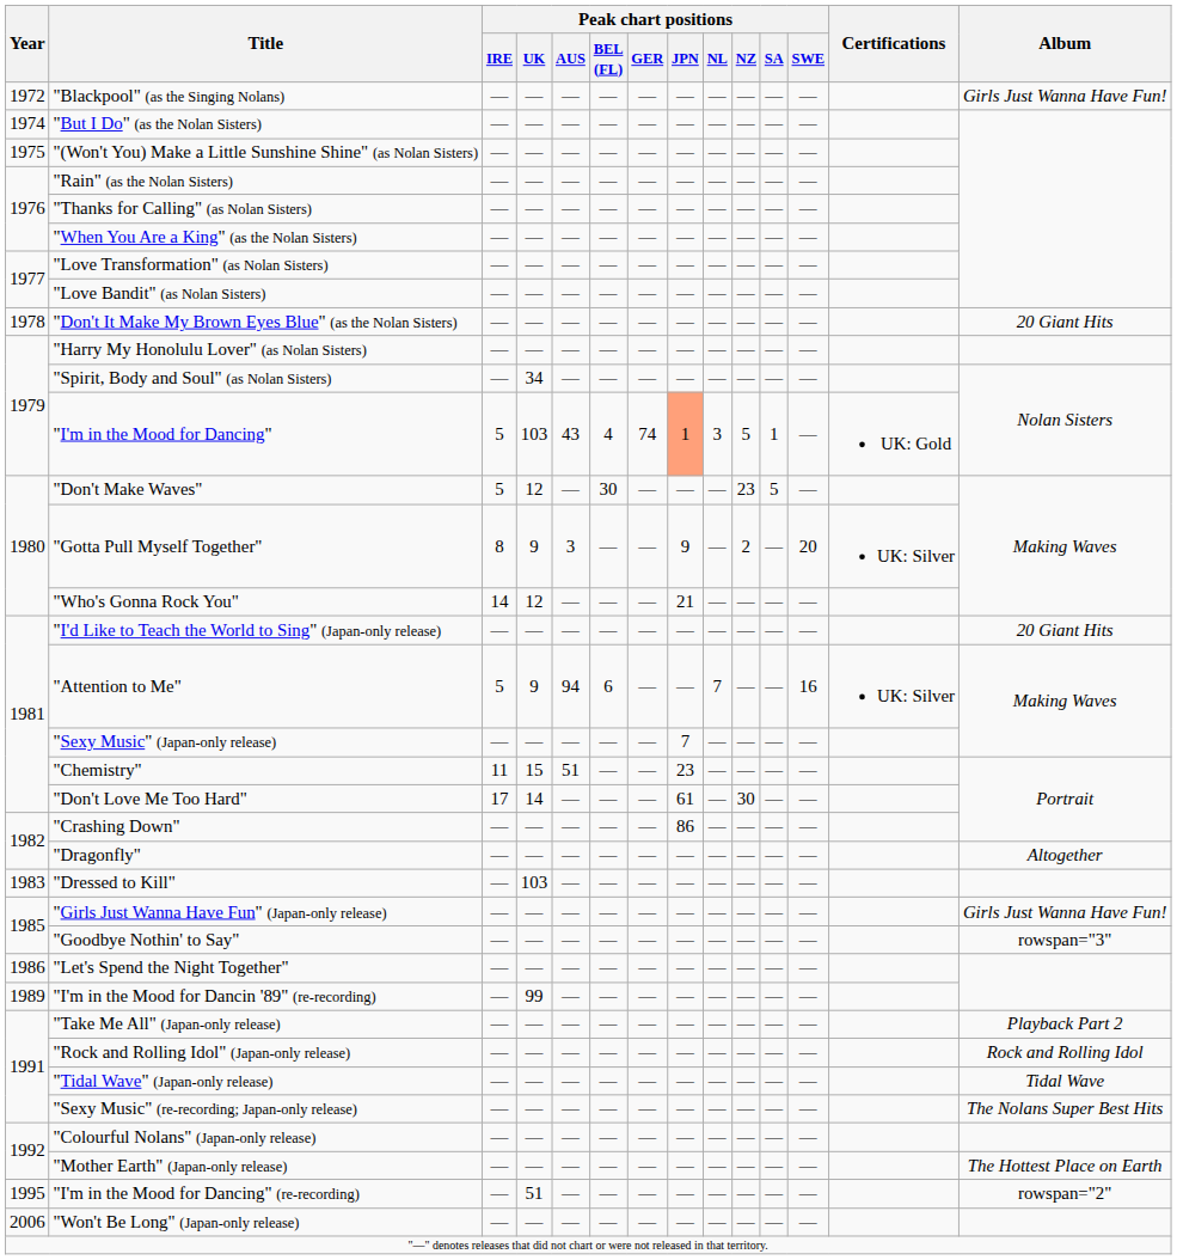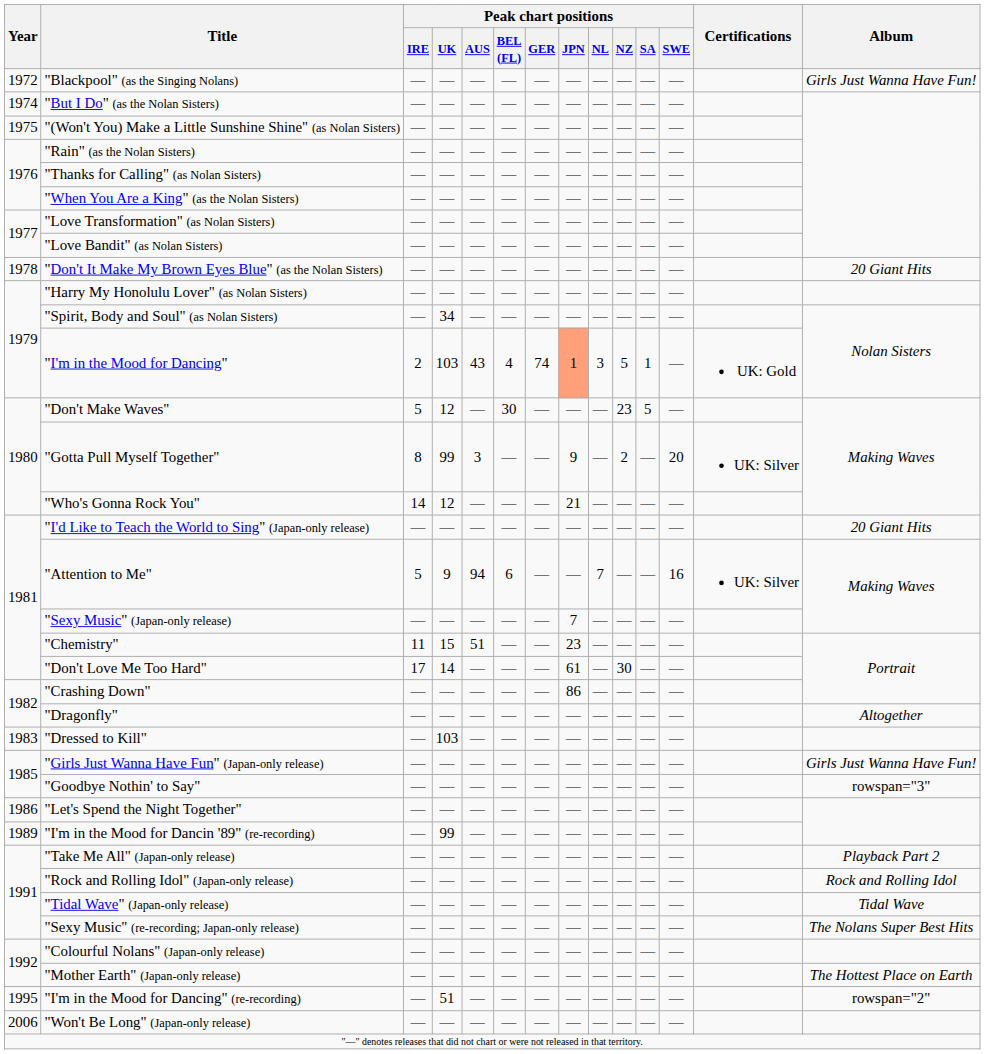 <table class="wikitable" style="text-align:center">
 <tr>
 <th scope="col" rowspan="2">Year</th>
 <th scope="col" rowspan="2">Title</th>
 <th scope="col" colspan="10">Peak chart positions</th>
 <th scope="col" rowspan="2">Certifications</th>
 <th scope="col" rowspan="2">Album</th>
 </tr>
 <tr>
 <th scope="col"><small><a href='#'>IRE</a></small><br></th>
 <th scope="col"><small><a href='#'>UK</a></small><br></th>
 <th scope="col"><small><a href='#'>AUS</a></small><br></th>
 <th scope="col"><small><a href='#'>BEL<br>(FL)</a></small><br></th>
 <th scope="col"><small><a href='#'>GER</a></small><br></th>
 <th scope="col"><small><a href='#'>JPN</a></small></th>
 <th scope="col"><small><a href='#'>NL</a></small><br></th>
 <th scope="col"><small><a href='#'>NZ</a></small><br></th>
 <th scope="col"><small><a href='#'>SA</a></small><br></th>
 <th scope="col"><small><a href='#'>SWE</a></small><br></th>
 </tr>
 <tr>
 <td>1972</td>
 <td style="text-align:left">"Blackpool" <small>(as the Singing Nolans)</small></td>
 <td>—</td>
 <td>—</td>
 <td>—</td>
 <td>—</td>
 <td>—</td>
 <td>—</td>
 <td>—</td>
 <td>—</td>
 <td>—</td>
 <td>—</td>
 <td></td>
 <td><em>Girls Just Wanna Have Fun!</em></td>
 </tr>
 <tr>
 <td>1974</td>
 <td style="text-align:left">"<a href='#'>But I Do</a>" <small>(as the Nolan Sisters)</small></td>
 <td>—</td>
 <td>—</td>
 <td>—</td>
 <td>—</td>
 <td>—</td>
 <td>—</td>
 <td>—</td>
 <td>—</td>
 <td>—</td>
 <td>—</td>
 <td></td>
 </tr>
 <tr>
 <td>1975</td>
 <td style="text-align:left">"(Won't You) Make a Little Sunshine Shine" <small>(as Nolan Sisters)</small></td>
 <td>—</td>
 <td>—</td>
 <td>—</td>
 <td>—</td>
 <td>—</td>
 <td>—</td>
 <td>—</td>
 <td>—</td>
 <td>—</td>
 <td>—</td>
 <td></td>
 </tr>
 <tr>
 <td rowspan="3">1976</td>
 <td style="text-align:left">"Rain" <small>(as the Nolan Sisters)</small></td>
 <td>—</td>
 <td>—</td>
 <td>—</td>
 <td>—</td>
 <td>—</td>
 <td>—</td>
 <td>—</td>
 <td>—</td>
 <td>—</td>
 <td>—</td>
 <td></td>
 </tr>
 <tr>
 <td style="text-align:left">"Thanks for Calling" <small>(as Nolan Sisters)</small></td>
 <td>—</td>
 <td>—</td>
 <td>—</td>
 <td>—</td>
 <td>—</td>
 <td>—</td>
 <td>—</td>
 <td>—</td>
 <td>—</td>
 <td>—</td>
 <td></td>
 </tr>
 <tr>
 <td style="text-align:left">"<a href='#'>When You Are a King</a>" <small>(as the Nolan Sisters)</small></td>
 <td>—</td>
 <td>—</td>
 <td>—</td>
 <td>—</td>
 <td>—</td>
 <td>—</td>
 <td>—</td>
 <td>—</td>
 <td>—</td>
 <td>—</td>
 <td></td>
 </tr>
 <tr>
 <td rowspan="2">1977</td>
 <td style="text-align:left">"Love Transformation" <small>(as Nolan Sisters)</small></td>
 <td>—</td>
 <td>—</td>
 <td>—</td>
 <td>—</td>
 <td>—</td>
 <td>—</td>
 <td>—</td>
 <td>—</td>
 <td>—</td>
 <td>—</td>
 <td></td>
 </tr>
 <tr>
 <td style="text-align:left">"Love Bandit" <small>(as Nolan Sisters)</small></td>
 <td>—</td>
 <td>—</td>
 <td>—</td>
 <td>—</td>
 <td>—</td>
 <td>—</td>
 <td>—</td>
 <td>—</td>
 <td>—</td>
 <td>—</td>
 <td></td>
 </tr>
 <tr>
 <td>1978</td>
 <td style="text-align:left">"<a href='#'>Don't It Make My Brown Eyes Blue</a>" <small>(as the Nolan Sisters)</small></td>
 <td>—</td>
 <td>—</td>
 <td>—</td>
 <td>—</td>
 <td>—</td>
 <td>—</td>
 <td>—</td>
 <td>—</td>
 <td>—</td>
 <td>—</td>
 <td></td>
 <td><em>20 Giant Hits</em></td>
 </tr>
 <tr>
 <td rowspan="3">1979</td>
 <td style="text-align:left">"Harry My Honolulu Lover" <small>(as Nolan Sisters)</small></td>
 <td>—</td>
 <td>—</td>
 <td>—</td>
 <td>—</td>
 <td>—</td>
 <td>—</td>
 <td>—</td>
 <td>—</td>
 <td>—</td>
 <td>—</td>
 <td></td>
 <td></td>
 </tr>
 <tr>
 <td style="text-align:left">"Spirit, Body and Soul" <small>(as Nolan Sisters)</small></td>
 <td>—</td>
 <td>34</td>
 <td>—</td>
 <td>—</td>
 <td>—</td>
 <td>—</td>
 <td>—</td>
 <td>—</td>
 <td>—</td>
 <td>—</td>
 <td></td>
 <td rowspan="2"><em>Nolan Sisters</em></td>
 </tr>
 <tr>
 <td style="text-align:left">"<a href='#'>I'm in the Mood for Dancing</a>"</td>
-<td>5</td>
+<td>2</td>
 <td>103</td>
 <td>43</td>
 <td>4</td>
 <td>74</td>
 <td style="background: lightsalmon;">1</td>
 <td>3</td>
 <td>5</td>
 <td>1</td>
 <td>—</td>
 <td><br><ul><li>UK: Gold</li></ul></td>
 </tr>
 <tr>
 <td rowspan="3">1980</td>
 <td style="text-align:left">"Don't Make Waves"</td>
 <td>5</td>
 <td>12</td>
 <td>—</td>
 <td>30</td>
 <td>—</td>
 <td>—</td>
 <td>—</td>
 <td>23</td>
 <td>5</td>
 <td>—</td>
 <td></td>
 <td rowspan="3"><em>Making Waves</em></td>
 </tr>
 <tr>
 <td style="text-align:left">"Gotta Pull Myself Together"</td>
 <td>8</td>
-<td>9</td>
+<td>99</td>
 <td>3</td>
 <td>—</td>
 <td>—</td>
 <td>9</td>
 <td>—</td>
 <td>2</td>
 <td>—</td>
 <td>20</td>
 <td><br><ul><li>UK: Silver</li></ul></td>
 </tr>
 <tr>
 <td style="text-align:left">"Who's Gonna Rock You"</td>
 <td>14</td>
 <td>12</td>
 <td>—</td>
 <td>—</td>
 <td>—</td>
 <td>21</td>
 <td>—</td>
 <td>—</td>
 <td>—</td>
 <td>—</td>
 <td></td>
 </tr>
 <tr>
 <td rowspan="5">1981</td>
 <td style="text-align:left">"<a href='#'>I'd Like to Teach the World to Sing</a>" <small>(Japan-only release)</small></td>
 <td>—</td>
 <td>—</td>
 <td>—</td>
 <td>—</td>
 <td>—</td>
 <td>—</td>
 <td>—</td>
 <td>—</td>
 <td>—</td>
 <td>—</td>
 <td></td>
 <td><em>20 Giant Hits</em></td>
 </tr>
 <tr>
 <td style="text-align:left">"Attention to Me"</td>
 <td>5</td>
 <td>9</td>
 <td>94</td>
 <td>6</td>
 <td>—</td>
 <td>—</td>
 <td>7</td>
 <td>—</td>
 <td>—</td>
 <td>16</td>
 <td><br><ul><li>UK: Silver</li></ul></td>
 <td rowspan="2"><em>Making Waves</em></td>
 </tr>
 <tr>
 <td style="text-align:left">"<a href='#'>Sexy Music</a>" <small>(Japan-only release)</small></td>
 <td>—</td>
 <td>—</td>
 <td>—</td>
 <td>—</td>
 <td>—</td>
 <td>7</td>
 <td>—</td>
 <td>—</td>
 <td>—</td>
 <td>—</td>
 <td></td>
 </tr>
 <tr>
 <td style="text-align:left">"Chemistry"</td>
 <td>11</td>
 <td>15</td>
 <td>51</td>
 <td>—</td>
 <td>—</td>
 <td>23</td>
 <td>—</td>
 <td>—</td>
 <td>—</td>
 <td>—</td>
 <td></td>
 <td rowspan="3"><em>Portrait</em></td>
 </tr>
 <tr>
 <td style="text-align:left">"Don't Love Me Too Hard"</td>
 <td>17</td>
 <td>14</td>
 <td>—</td>
 <td>—</td>
 <td>—</td>
 <td>61</td>
 <td>—</td>
 <td>30</td>
 <td>—</td>
 <td>—</td>
 <td></td>
 </tr>
 <tr>
 <td rowspan="2">1982</td>
 <td style="text-align:left">"Crashing Down"</td>
 <td>—</td>
 <td>—</td>
 <td>—</td>
 <td>—</td>
 <td>—</td>
 <td>86</td>
 <td>—</td>
 <td>—</td>
 <td>—</td>
 <td>—</td>
 <td></td>
 </tr>
 <tr>
 <td style="text-align:left">"Dragonfly"</td>
 <td>—</td>
 <td>—</td>
 <td>—</td>
 <td>—</td>
 <td>—</td>
 <td>—</td>
 <td>—</td>
 <td>—</td>
 <td>—</td>
 <td>—</td>
 <td></td>
 <td><em>Altogether</em></td>
 </tr>
 <tr>
 <td>1983</td>
 <td style="text-align:left">"Dressed to Kill"</td>
 <td>—</td>
 <td>103</td>
 <td>—</td>
 <td>—</td>
 <td>—</td>
 <td>—</td>
 <td>—</td>
 <td>—</td>
 <td>—</td>
 <td>—</td>
 <td></td>
 <td></td>
 </tr>
 <tr>
 <td rowspan="2">1985</td>
 <td style="text-align:left">"<a href='#'>Girls Just Wanna Have Fun</a>" <small>(Japan-only release)</small></td>
 <td>—</td>
 <td>—</td>
 <td>—</td>
 <td>—</td>
 <td>—</td>
 <td>—</td>
 <td>—</td>
 <td>—</td>
 <td>—</td>
 <td>—</td>
 <td></td>
 <td><em>Girls Just Wanna Have Fun!</em></td>
 </tr>
 <tr>
 <td style="text-align:left">"Goodbye Nothin' to Say"</td>
 <td>—</td>
 <td>—</td>
 <td>—</td>
 <td>—</td>
 <td>—</td>
 <td>—</td>
 <td>—</td>
 <td>—</td>
 <td>—</td>
 <td>—</td>
 <td></td>
 <td>rowspan="3" </td>
 </tr>
 <tr>
 <td>1986</td>
 <td style="text-align:left">"Let's Spend the Night Together"</td>
 <td>—</td>
 <td>—</td>
 <td>—</td>
 <td>—</td>
 <td>—</td>
 <td>—</td>
 <td>—</td>
 <td>—</td>
 <td>—</td>
 <td>—</td>
 <td></td>
 </tr>
 <tr>
 <td>1989</td>
 <td style="text-align:left">"I'm in the Mood for Dancin '89" <small>(re-recording)</small></td>
 <td>—</td>
 <td>99</td>
 <td>—</td>
 <td>—</td>
 <td>—</td>
 <td>—</td>
 <td>—</td>
 <td>—</td>
 <td>—</td>
 <td>—</td>
 <td></td>
 </tr>
 <tr>
 <td rowspan="4">1991</td>
 <td style="text-align:left">"Take Me All" <small>(Japan-only release)</small></td>
 <td>—</td>
 <td>—</td>
 <td>—</td>
 <td>—</td>
 <td>—</td>
 <td>—</td>
 <td>—</td>
 <td>—</td>
 <td>—</td>
 <td>—</td>
 <td></td>
 <td><em>Playback Part 2</em></td>
 </tr>
 <tr>
 <td style="text-align:left">"Rock and Rolling Idol" <small>(Japan-only release)</small></td>
 <td>—</td>
 <td>—</td>
 <td>—</td>
 <td>—</td>
 <td>—</td>
 <td>—</td>
 <td>—</td>
 <td>—</td>
 <td>—</td>
 <td>—</td>
 <td></td>
 <td><em>Rock and Rolling Idol</em></td>
 </tr>
 <tr>
 <td style="text-align:left">"<a href='#'>Tidal Wave</a>" <small>(Japan-only release)</small></td>
 <td>—</td>
 <td>—</td>
 <td>—</td>
 <td>—</td>
 <td>—</td>
 <td>—</td>
 <td>—</td>
 <td>—</td>
 <td>—</td>
 <td>—</td>
 <td></td>
 <td><em>Tidal Wave</em></td>
 </tr>
 <tr>
 <td style="text-align:left">"Sexy Music" <small>(re-recording; Japan-only release)</small></td>
 <td>—</td>
 <td>—</td>
 <td>—</td>
 <td>—</td>
 <td>—</td>
 <td>—</td>
 <td>—</td>
 <td>—</td>
 <td>—</td>
 <td>—</td>
 <td></td>
 <td><em>The Nolans Super Best Hits</em></td>
 </tr>
 <tr>
 <td rowspan="2">1992</td>
 <td style="text-align:left">"Colourful Nolans" <small>(Japan-only release)</small></td>
 <td>—</td>
 <td>—</td>
 <td>—</td>
 <td>—</td>
 <td>—</td>
 <td>—</td>
 <td>—</td>
 <td>—</td>
 <td>—</td>
 <td>—</td>
 <td></td>
 <td></td>
 </tr>
 <tr>
 <td style="text-align:left">"Mother Earth" <small>(Japan-only release)</small></td>
 <td>—</td>
 <td>—</td>
 <td>—</td>
 <td>—</td>
 <td>—</td>
 <td>—</td>
 <td>—</td>
 <td>—</td>
 <td>—</td>
 <td>—</td>
 <td></td>
 <td><em>The Hottest Place on Earth</em></td>
 </tr>
 <tr>
 <td>1995</td>
 <td style="text-align:left">"I'm in the Mood for Dancing" <small>(re-recording)</small></td>
 <td>—</td>
 <td>51</td>
 <td>—</td>
 <td>—</td>
 <td>—</td>
 <td>—</td>
 <td>—</td>
 <td>—</td>
 <td>—</td>
 <td>—</td>
 <td></td>
 <td>rowspan="2" </td>
 </tr>
 <tr>
 <td>2006</td>
 <td style="text-align:left">"Won't Be Long" <small>(Japan-only release)</small></td>
 <td>—</td>
 <td>—</td>
 <td>—</td>
 <td>—</td>
 <td>—</td>
 <td>—</td>
 <td>—</td>
 <td>—</td>
 <td>—</td>
 <td>—</td>
 <td></td>
 </tr>
 <tr>
 <td colspan="14" style="font-size:8pt">"—" denotes releases that did not chart or were not released in that territory.</td>
 </tr>
 </table>
